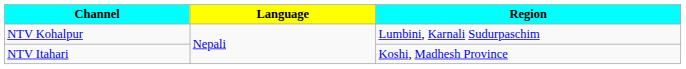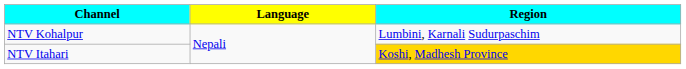 <table class="wikitable sortable" style="text-align:middle">
 <tr>
 <th style="width:180pt; background:Cyan;">Channel</th>
 <th style="width:180pt; background: Yellow;">Language</th>
 <th style="width:300pt; background:Cyan;">Region</th>
 </tr>
 <tr>
 <td><a href='#'>NTV Kohalpur</a></td>
 <td rowspan=2><a href='#'>Nepali</a></td>
 <td><a href='#'>Lumbini</a>, <a href='#'>Karnali</a> <a href='#'>Sudurpaschim</a></td>
 </tr>
 <tr>
 <td><a href='#'>NTV Itahari</a></td>
-<td><a href='#'>Koshi</a>, <a href='#'>Madhesh Province</a></td>
+<td style="background: gold;"><a href='#'>Koshi</a>, <a href='#'>Madhesh Province</a></td>
 </tr>
 </table>
